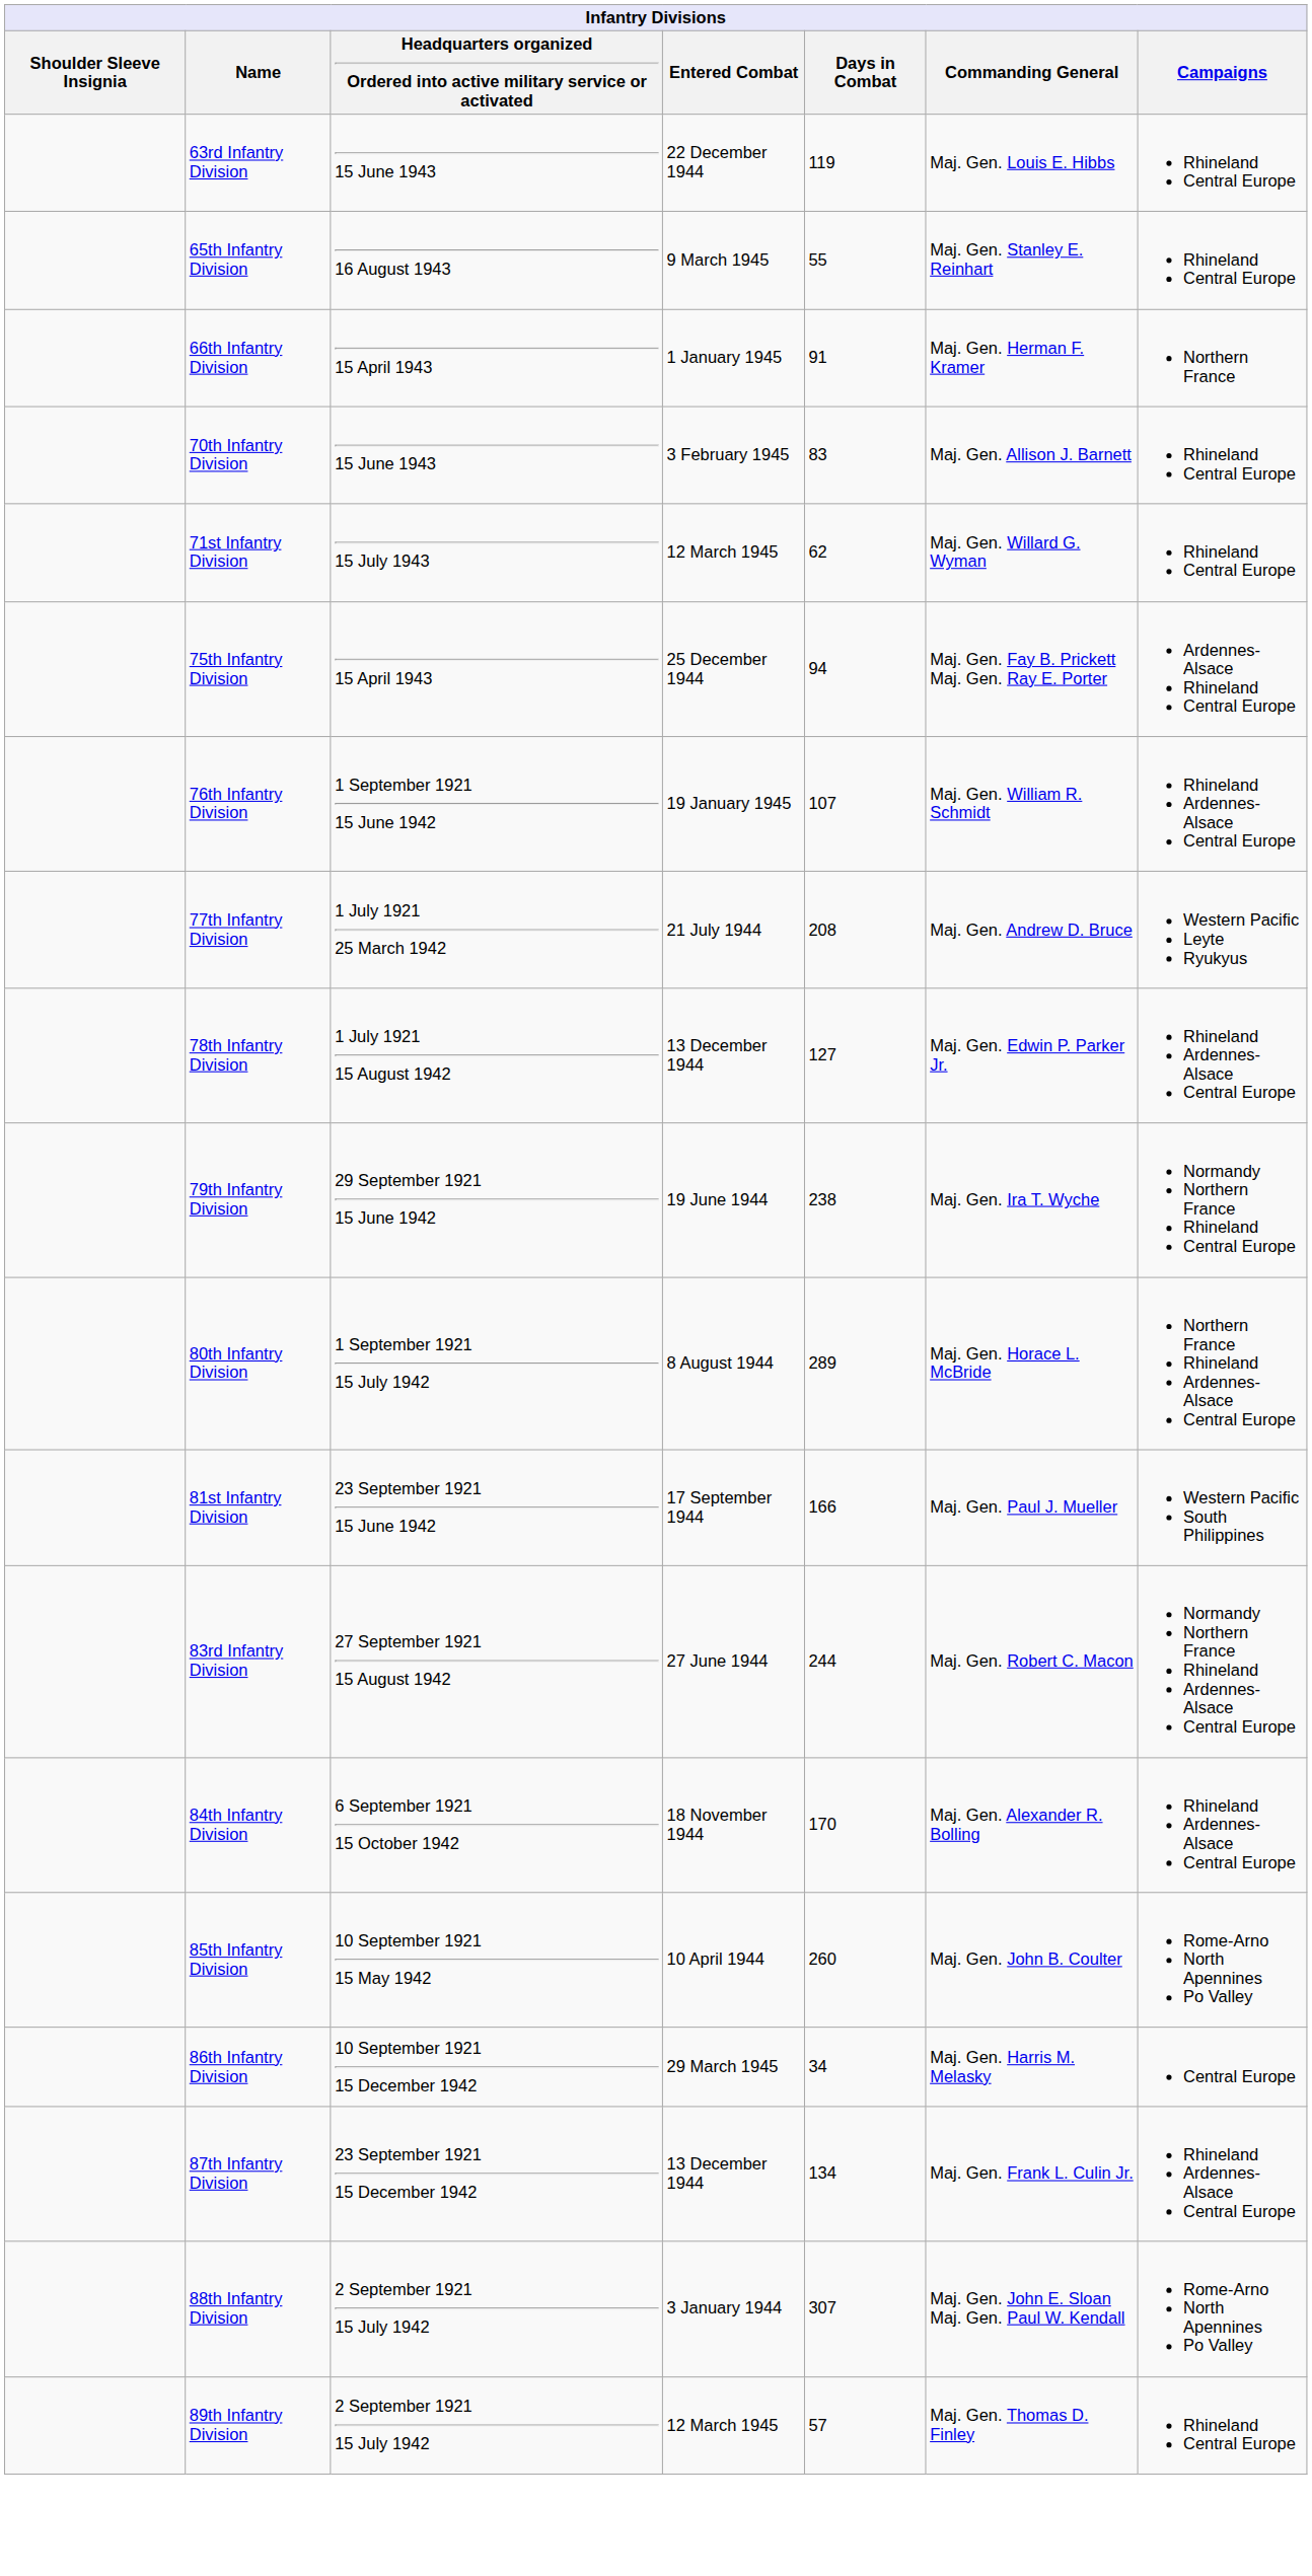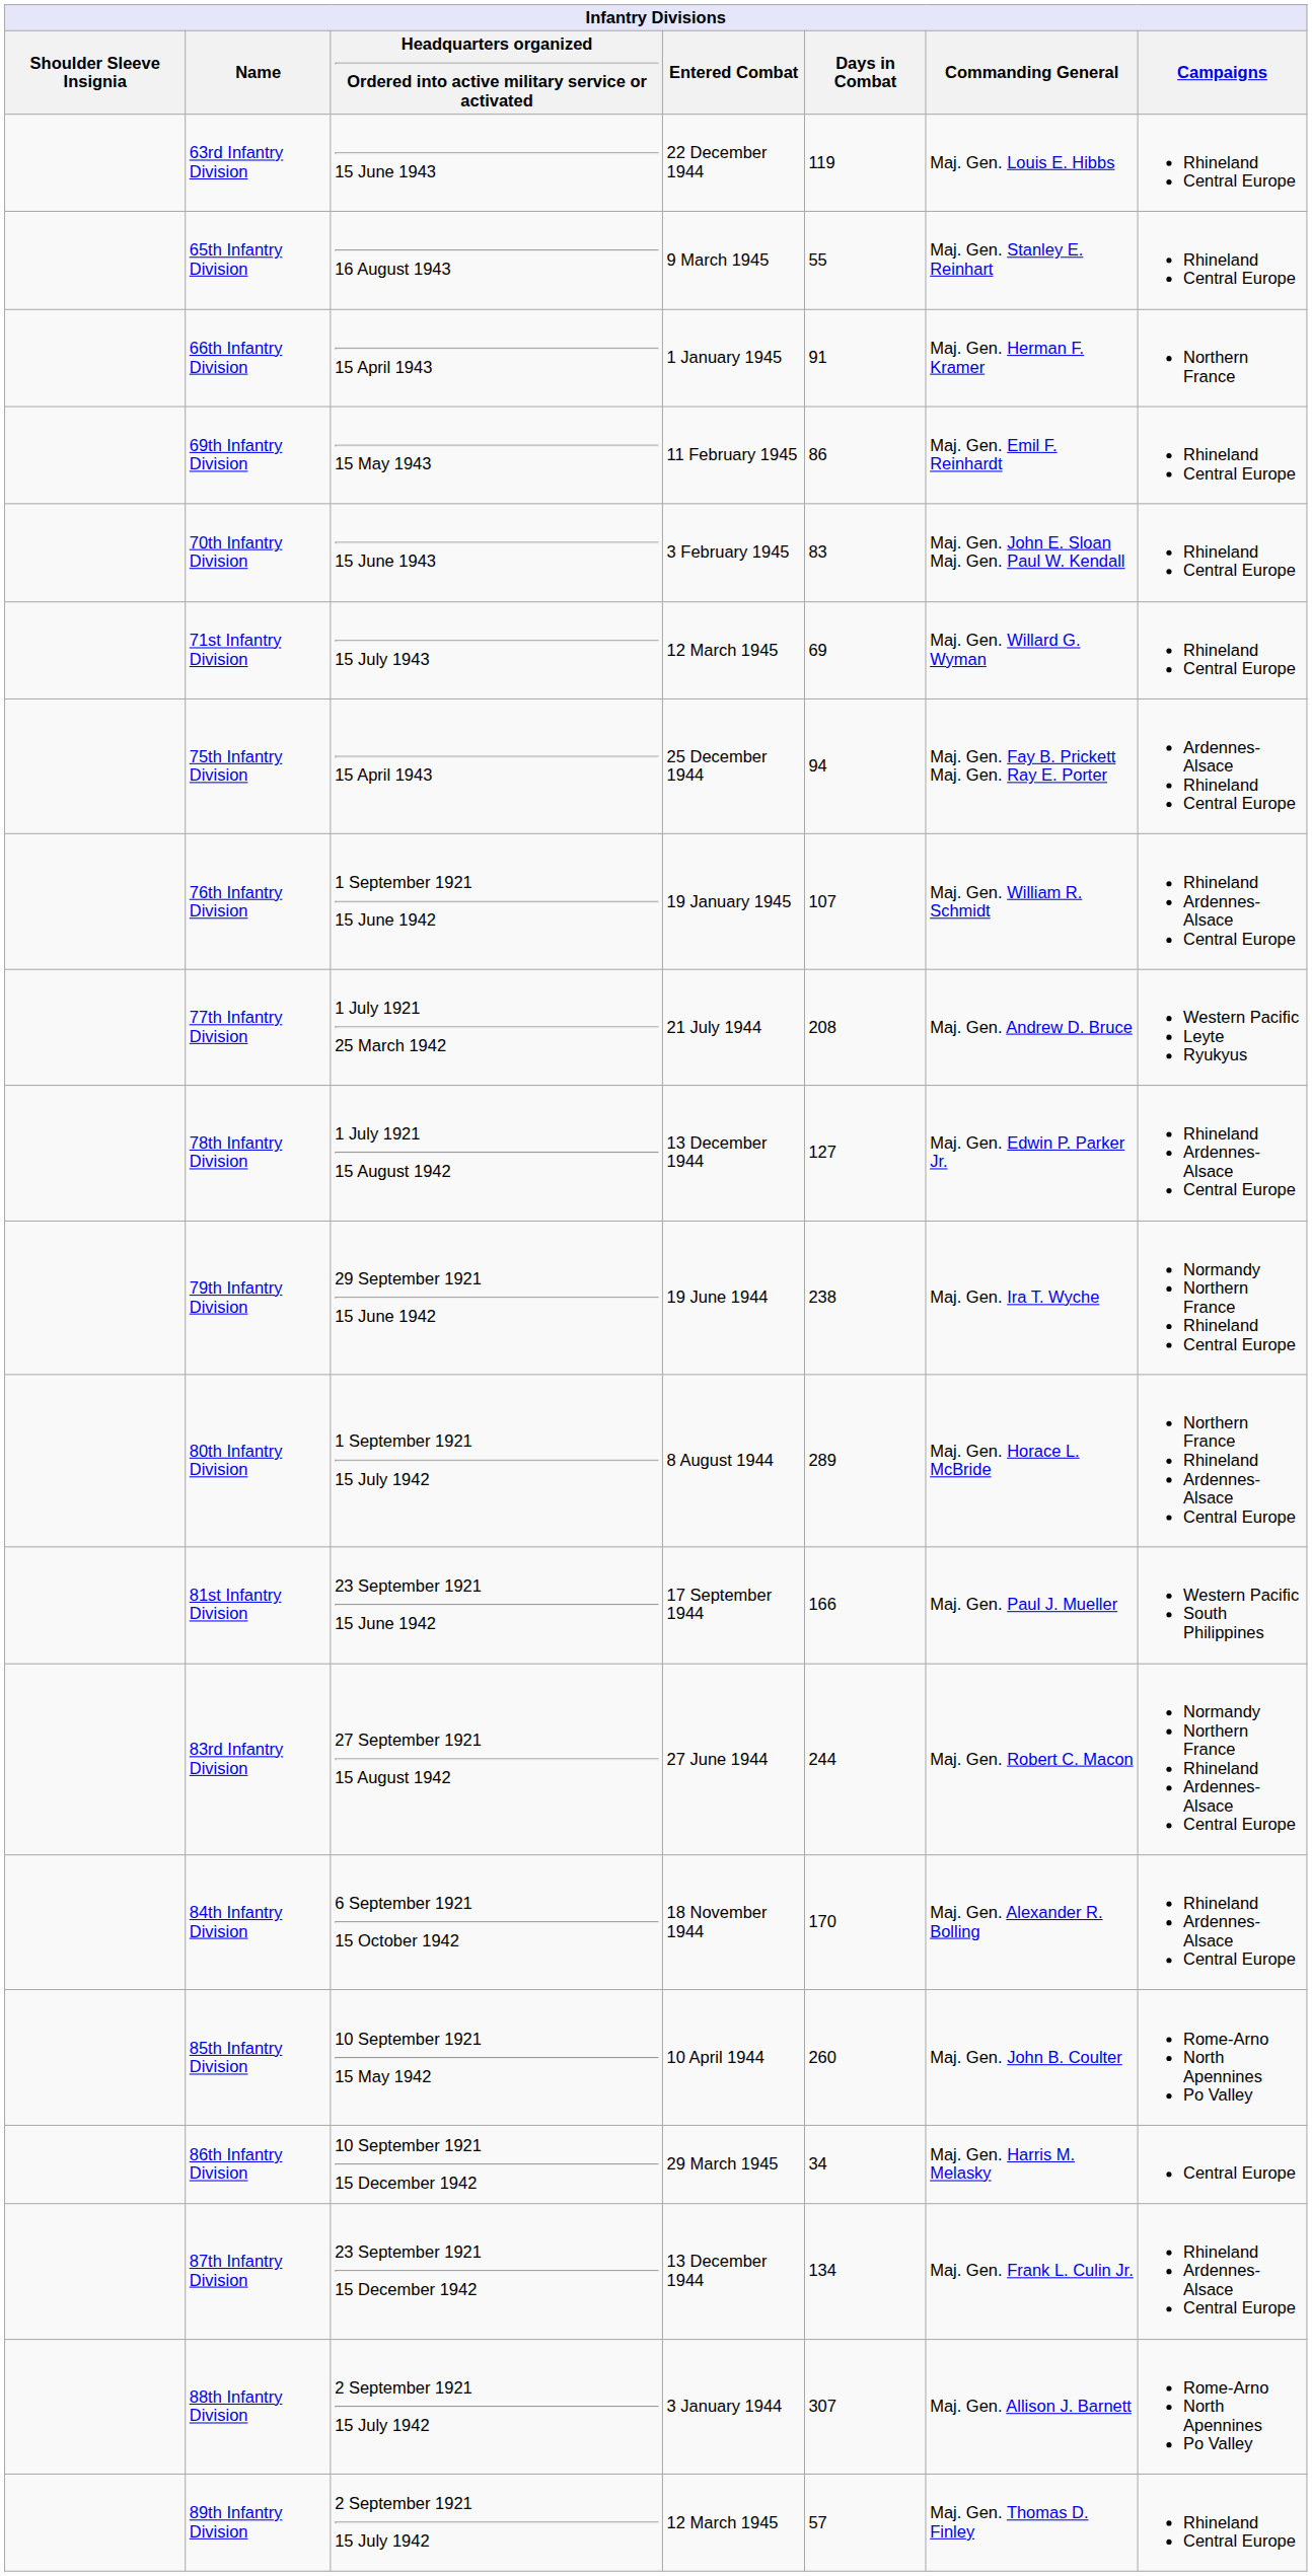 <table class="wikitable">
 <tr>
 <th style="align: center; background: lavender;" colspan="7">Infantry Divisions</th>
 </tr>
 <tr>
 <th style="text-align: center; ">Shoulder Sleeve Insignia</th>
 <th style="text-align: center; ">Name</th>
 <th style="text-align: center; ">Headquarters organized <hr> Ordered into active military service or activated</th>
 <th style="text-align: center; ">Entered Combat</th>
 <th style="text-align: center; ">Days in Combat</th>
 <th style="text-align: center; ">Commanding General</th>
 <th style="text-align: center; "><a href='#'>Campaigns</a></th>
 </tr>
 <tr>
 <td></td>
 <td><a href='#'>63rd Infantry Division</a></td>
 <td><hr> 15 June 1943</td>
 <td>22 December 1944</td>
 <td>119</td>
 <td>Maj. Gen. <a href='#'>Louis E. Hibbs</a></td>
 <td><br><ul><li>Rhineland</li><li>Central Europe</li></ul></td>
 </tr>
 <tr>
 <td></td>
 <td><a href='#'>65th Infantry Division</a></td>
 <td><hr> 16 August 1943</td>
 <td>9 March 1945</td>
 <td>55</td>
 <td>Maj. Gen. <a href='#'>Stanley E. Reinhart</a></td>
 <td><br><ul><li>Rhineland</li><li>Central Europe</li></ul></td>
 </tr>
 <tr>
 <td></td>
 <td><a href='#'>66th Infantry Division</a></td>
 <td><hr> 15 April 1943</td>
 <td>1 January 1945</td>
 <td>91</td>
 <td>Maj. Gen. <a href='#'>Herman F. Kramer</a></td>
 <td><br><ul><li>Northern France</li></ul></td>
 </tr>
 <tr>
 <td></td>
+<td><a href='#'>69th Infantry Division</a></td>
+<td><hr> 15 May 1943</td>
+<td>11 February 1945</td>
+<td>86</td>
+<td>Maj. Gen. <a href='#'>Emil F. Reinhardt</a></td>
+<td><br><ul><li>Rhineland</li><li>Central Europe</li></ul></td>
+</tr>
+<tr>
+<td></td>
 <td><a href='#'>70th Infantry Division</a></td>
 <td><hr> 15 June 1943</td>
 <td>3 February 1945</td>
 <td>83</td>
-<td>Maj. Gen. <a href='#'>Allison J. Barnett</a></td>
+<td>Maj. Gen. <a href='#'>John E. Sloan</a><br>Maj. Gen. <a href='#'>Paul W. Kendall</a></td>
 <td><br><ul><li>Rhineland</li><li>Central Europe</li></ul></td>
 </tr>
 <tr>
 <td></td>
 <td><a href='#'>71st Infantry Division</a></td>
 <td><hr> 15 July 1943</td>
 <td>12 March 1945</td>
-<td>62</td>
+<td>69</td>
 <td>Maj. Gen. <a href='#'>Willard G. Wyman</a></td>
 <td><br><ul><li>Rhineland</li><li>Central Europe</li></ul></td>
 </tr>
 <tr>
 <td></td>
 <td><a href='#'>75th Infantry Division</a></td>
 <td><hr> 15 April 1943</td>
 <td>25 December 1944</td>
 <td>94</td>
 <td>Maj. Gen. <a href='#'>Fay B. Prickett</a><br>Maj. Gen. <a href='#'>Ray E. Porter</a></td>
 <td><br><ul><li>Ardennes-Alsace</li><li>Rhineland</li><li>Central Europe</li></ul></td>
 </tr>
 <tr>
 <td></td>
 <td><a href='#'>76th Infantry Division</a></td>
 <td>1 September 1921 <hr> 15 June 1942</td>
 <td>19 January 1945</td>
 <td>107</td>
 <td>Maj. Gen. <a href='#'>William R. Schmidt</a></td>
 <td><br><ul><li>Rhineland</li><li>Ardennes-Alsace</li><li>Central Europe</li></ul></td>
 </tr>
 <tr>
 <td></td>
 <td><a href='#'>77th Infantry Division</a></td>
 <td>1 July 1921 <hr> 25 March 1942</td>
 <td>21 July 1944</td>
 <td>208</td>
 <td>Maj. Gen. <a href='#'>Andrew D. Bruce</a></td>
 <td><br><ul><li>Western Pacific</li><li>Leyte</li><li>Ryukyus</li></ul></td>
 </tr>
 <tr>
 <td></td>
 <td><a href='#'>78th Infantry Division</a></td>
 <td>1 July 1921 <hr> 15 August 1942</td>
 <td>13 December 1944</td>
 <td>127</td>
 <td>Maj. Gen. <a href='#'>Edwin P. Parker Jr.</a></td>
 <td><br><ul><li>Rhineland</li><li>Ardennes-Alsace</li><li>Central Europe</li></ul></td>
 </tr>
 <tr>
 <td></td>
 <td><a href='#'>79th Infantry Division</a></td>
 <td>29 September 1921 <hr> 15 June 1942</td>
 <td>19 June 1944</td>
 <td>238</td>
 <td>Maj. Gen. <a href='#'>Ira T. Wyche</a></td>
 <td><br><ul><li>Normandy</li><li>Northern France</li><li>Rhineland</li><li>Central Europe</li></ul></td>
 </tr>
 <tr>
 <td></td>
 <td><a href='#'>80th Infantry Division</a></td>
 <td>1 September 1921 <hr> 15 July 1942</td>
 <td>8 August 1944</td>
 <td>289</td>
 <td>Maj. Gen. <a href='#'>Horace L. McBride</a></td>
 <td><br><ul><li>Northern France</li><li>Rhineland</li><li>Ardennes-Alsace</li><li>Central Europe</li></ul></td>
 </tr>
 <tr>
 <td></td>
 <td><a href='#'>81st Infantry Division</a></td>
 <td>23 September 1921 <hr> 15 June 1942</td>
 <td>17 September 1944</td>
 <td>166</td>
 <td>Maj. Gen. <a href='#'>Paul J. Mueller</a></td>
 <td><br><ul><li>Western Pacific</li><li>South Philippines</li></ul></td>
 </tr>
 <tr>
 <td></td>
 <td><a href='#'>83rd Infantry Division</a></td>
 <td>27 September 1921 <hr> 15 August 1942</td>
 <td>27 June 1944</td>
 <td>244</td>
 <td>Maj. Gen. <a href='#'>Robert C. Macon</a></td>
 <td><br><ul><li>Normandy</li><li>Northern France</li><li>Rhineland</li><li>Ardennes-Alsace</li><li>Central Europe</li></ul></td>
 </tr>
 <tr>
 <td></td>
 <td><a href='#'>84th Infantry Division</a></td>
 <td>6 September 1921 <hr> 15 October 1942</td>
 <td>18 November 1944</td>
 <td>170</td>
 <td>Maj. Gen. <a href='#'>Alexander R. Bolling</a></td>
 <td><br><ul><li>Rhineland</li><li>Ardennes-Alsace</li><li>Central Europe</li></ul></td>
 </tr>
 <tr>
 <td></td>
 <td><a href='#'>85th Infantry Division</a></td>
 <td>10 September 1921 <hr> 15 May 1942</td>
 <td>10 April 1944</td>
 <td>260</td>
 <td>Maj. Gen. <a href='#'>John B. Coulter</a></td>
 <td><br><ul><li>Rome-Arno</li><li>North Apennines</li><li>Po Valley</li></ul></td>
 </tr>
 <tr>
 <td></td>
 <td><a href='#'>86th Infantry Division</a></td>
 <td>10 September 1921 <hr> 15 December 1942</td>
 <td>29 March 1945</td>
 <td>34</td>
 <td>Maj. Gen. <a href='#'>Harris M. Melasky</a></td>
 <td><br><ul><li>Central Europe</li></ul></td>
 </tr>
 <tr>
 <td></td>
 <td><a href='#'>87th Infantry Division</a></td>
 <td>23 September 1921 <hr> 15 December 1942</td>
 <td>13 December 1944</td>
 <td>134</td>
 <td>Maj. Gen. <a href='#'>Frank L. Culin Jr.</a></td>
 <td><br><ul><li>Rhineland</li><li>Ardennes-Alsace</li><li>Central Europe</li></ul></td>
 </tr>
 <tr>
 <td></td>
 <td><a href='#'>88th Infantry Division</a></td>
 <td>2 September 1921 <hr> 15 July 1942</td>
 <td>3 January 1944</td>
 <td>307</td>
-<td>Maj. Gen. <a href='#'>John E. Sloan</a><br>Maj. Gen. <a href='#'>Paul W. Kendall</a></td>
+<td>Maj. Gen. <a href='#'>Allison J. Barnett</a></td>
 <td><br><ul><li>Rome-Arno</li><li>North Apennines</li><li>Po Valley</li></ul></td>
 </tr>
 <tr>
 <td></td>
 <td><a href='#'>89th Infantry Division</a></td>
 <td>2 September 1921 <hr> 15 July 1942</td>
 <td>12 March 1945</td>
 <td>57</td>
 <td>Maj. Gen. <a href='#'>Thomas D. Finley</a></td>
 <td><br><ul><li>Rhineland</li><li>Central Europe</li></ul></td>
 </tr>
 </table>
